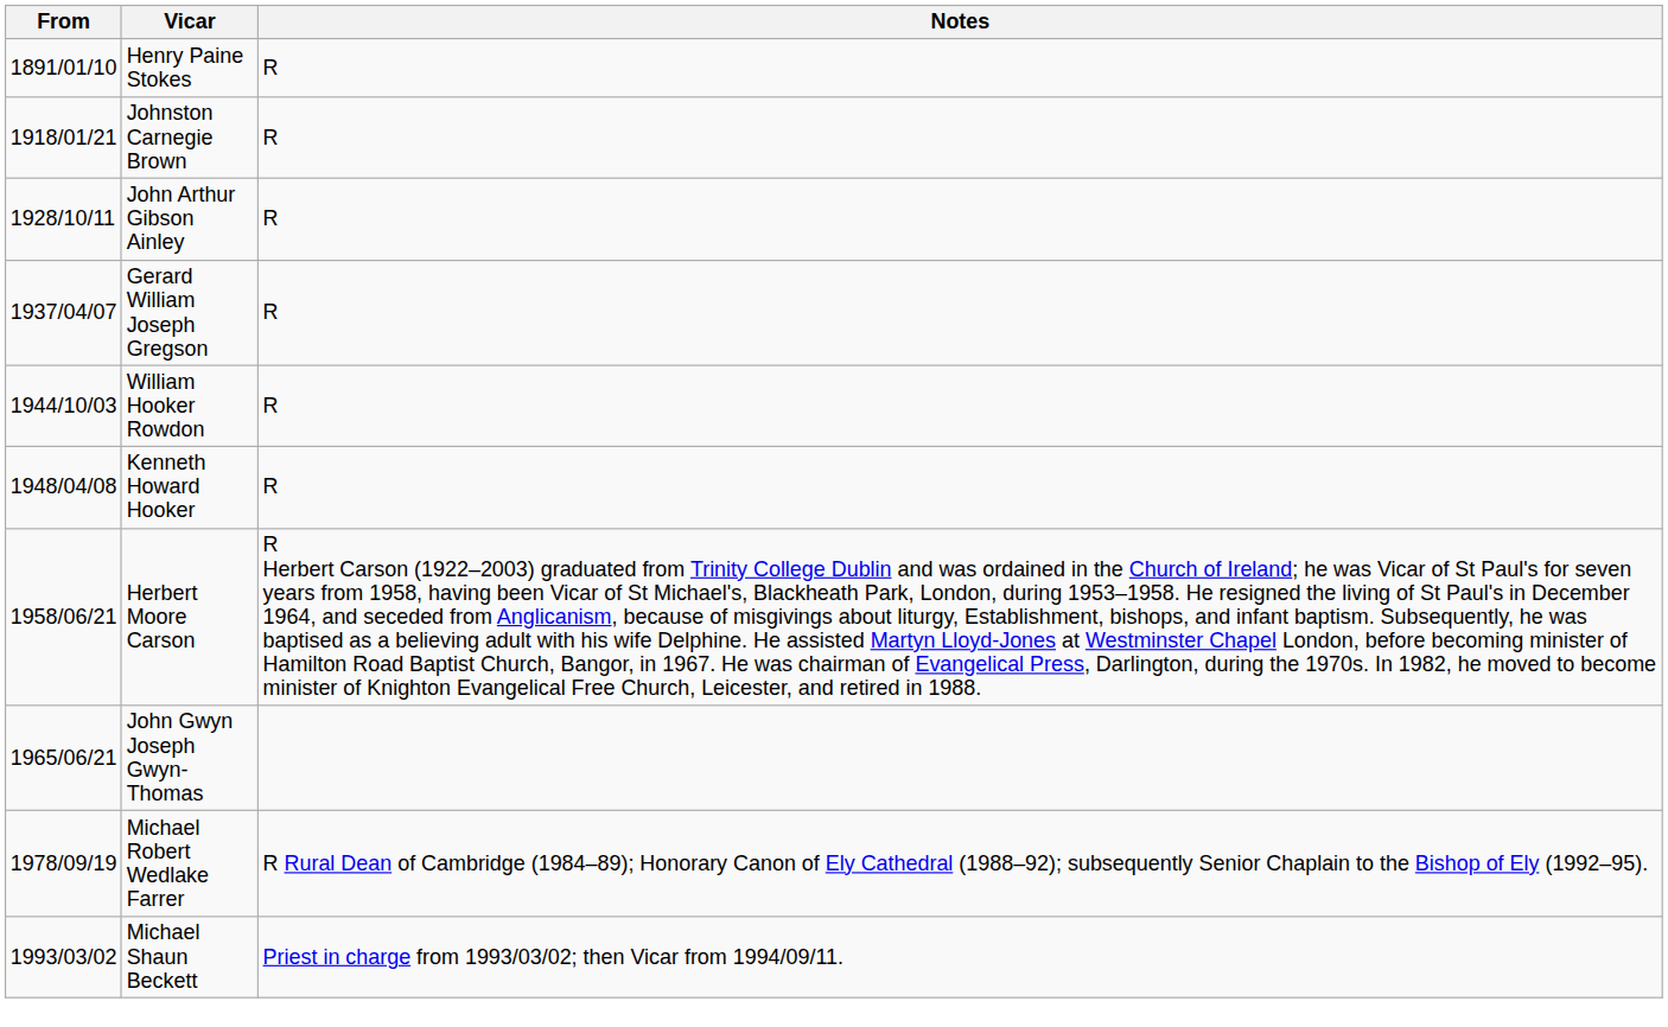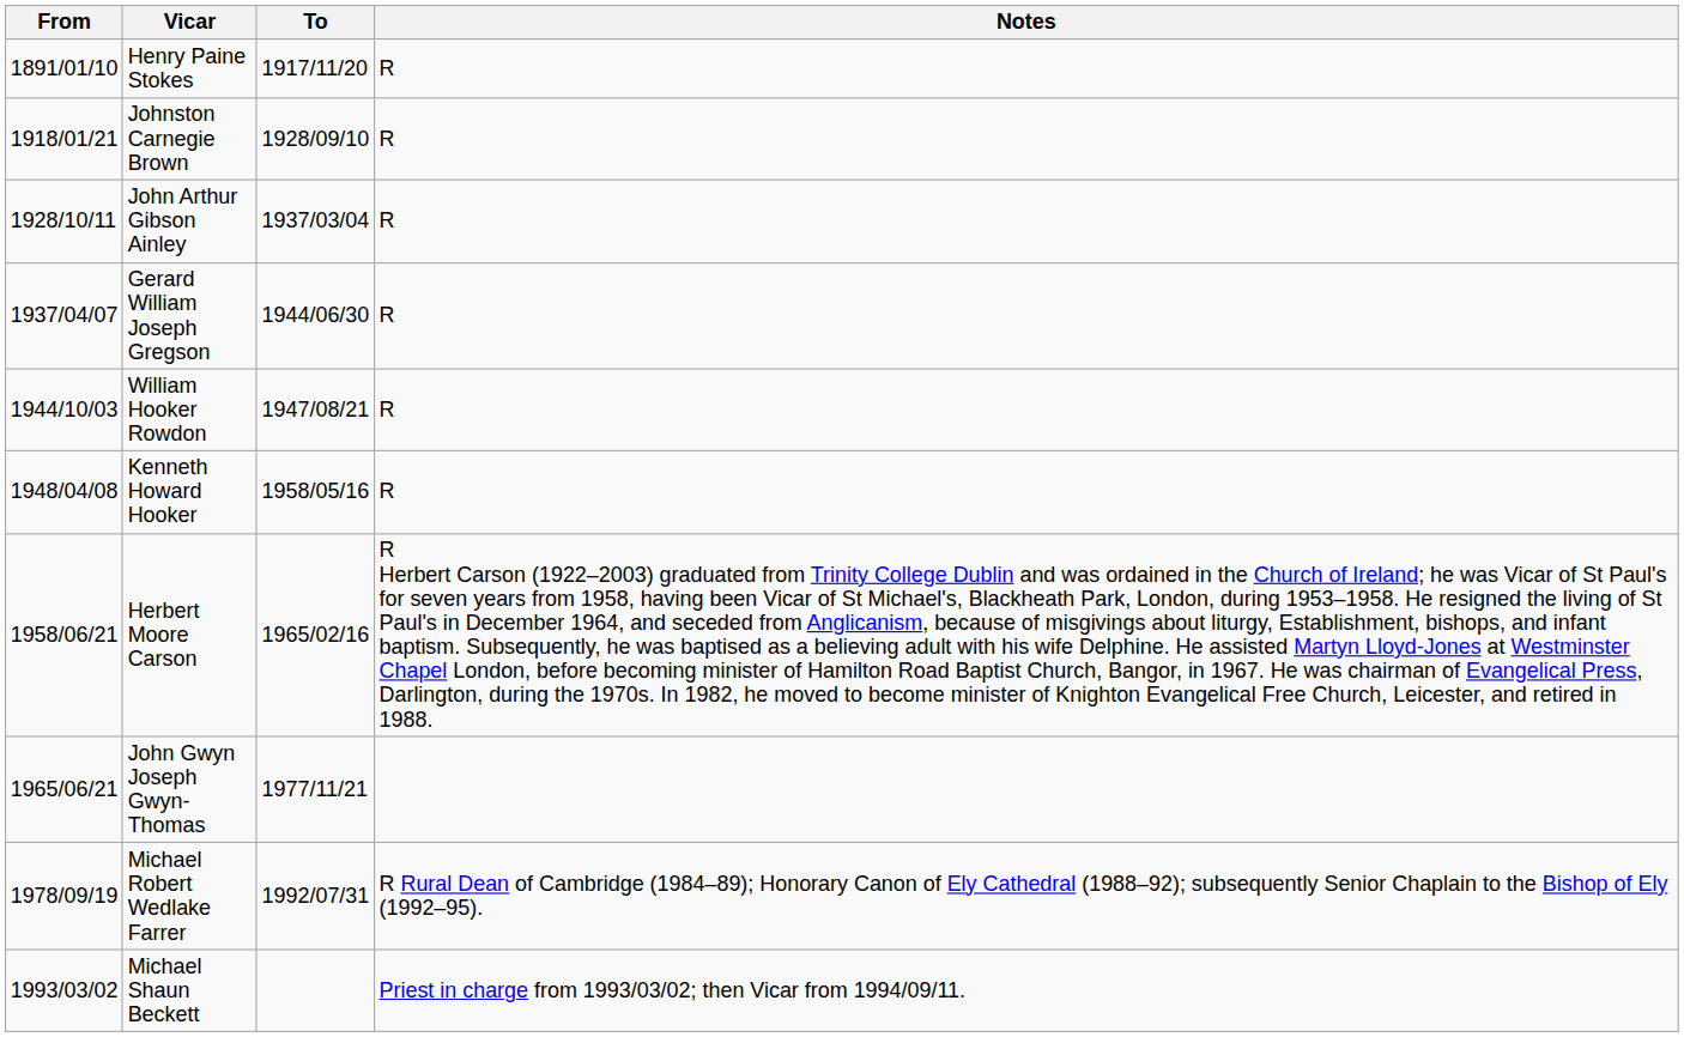 <table class="wikitable">
 <tr>
 <th>From</th>
 <th>Vicar</th>
+<th>To</th>
 <th>Notes</th>
 </tr>
 <tr>
 <td>1891/01/10</td>
 <td>Henry Paine Stokes</td>
+<td>1917/11/20</td>
 <td>R</td>
 </tr>
 <tr>
 <td>1918/01/21</td>
 <td>Johnston Carnegie Brown</td>
+<td>1928/09/10</td>
 <td>R</td>
 </tr>
 <tr>
 <td>1928/10/11</td>
 <td>John Arthur Gibson Ainley</td>
+<td>1937/03/04</td>
 <td>R</td>
 </tr>
 <tr>
 <td>1937/04/07</td>
 <td>Gerard William Joseph Gregson</td>
+<td>1944/06/30</td>
 <td>R</td>
 </tr>
 <tr>
 <td>1944/10/03</td>
 <td>William Hooker Rowdon</td>
+<td>1947/08/21</td>
 <td>R</td>
 </tr>
 <tr>
 <td>1948/04/08</td>
 <td>Kenneth Howard Hooker</td>
+<td>1958/05/16</td>
 <td>R</td>
 </tr>
 <tr>
 <td>1958/06/21</td>
 <td>Herbert Moore Carson</td>
+<td>1965/02/16</td>
 <td>R<br>Herbert Carson (1922–2003) graduated from <a href='#'>Trinity College Dublin</a> and was ordained in the <a href='#'>Church of Ireland</a>; he was Vicar of St Paul's for seven years from 1958, having been Vicar of St Michael's, Blackheath Park, London, during 1953–1958. He resigned the living of St Paul's in December 1964, and seceded from <a href='#'>Anglicanism</a>, because of misgivings about liturgy, Establishment, bishops, and infant baptism. Subsequently, he was baptised as a believing adult with his wife Delphine. He assisted <a href='#'>Martyn Lloyd-Jones</a> at <a href='#'>Westminster Chapel</a> London, before becoming minister of Hamilton Road Baptist Church, Bangor, in 1967. He was chairman of <a href='#'>Evangelical Press</a>, Darlington, during the 1970s. In 1982, he moved to become minister of Knighton Evangelical Free Church, Leicester, and retired in 1988.</td>
 </tr>
 <tr>
 <td>1965/06/21</td>
 <td>John Gwyn Joseph Gwyn-Thomas</td>
+<td>1977/11/21</td>
 <td></td>
 </tr>
 <tr>
 <td>1978/09/19</td>
 <td>Michael Robert Wedlake Farrer</td>
+<td>1992/07/31</td>
 <td>R <a href='#'>Rural Dean</a> of Cambridge (1984–89); Honorary Canon of <a href='#'>Ely Cathedral</a> (1988–92); subsequently Senior Chaplain to the <a href='#'>Bishop of Ely</a> (1992–95).</td>
 </tr>
 <tr>
 <td>1993/03/02</td>
 <td>Michael Shaun Beckett</td>
+<td></td>
 <td><a href='#'>Priest in charge</a> from 1993/03/02; then Vicar from 1994/09/11.</td>
 </tr>
 </table>
